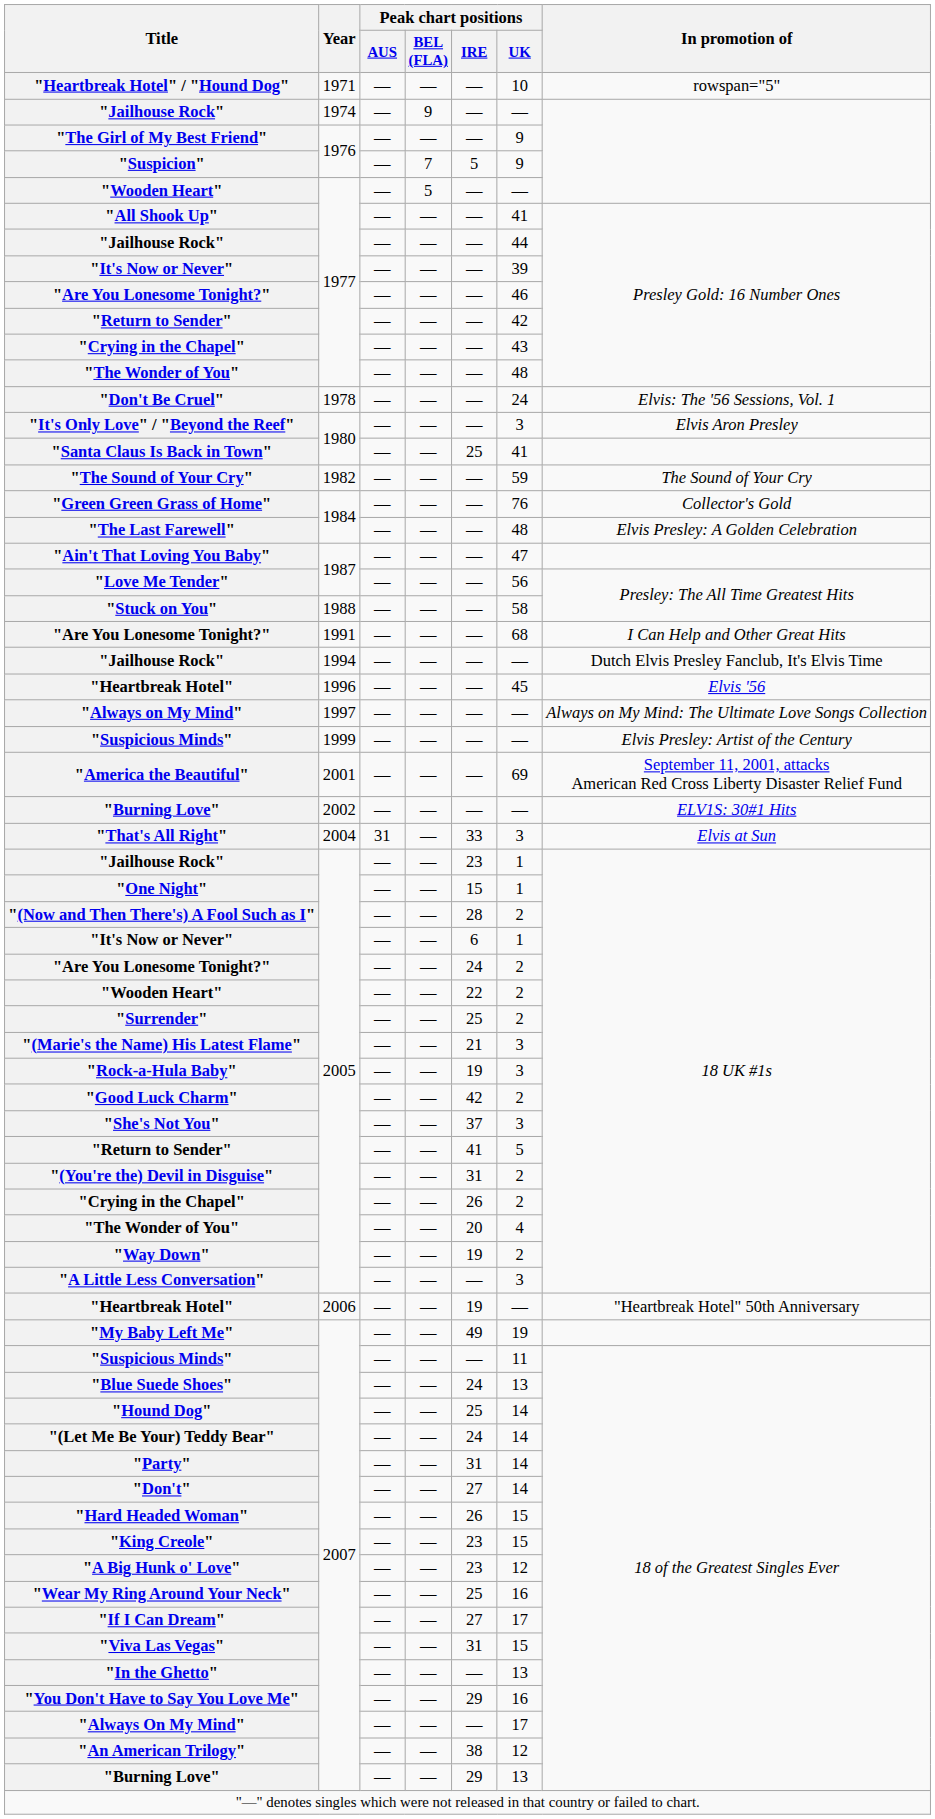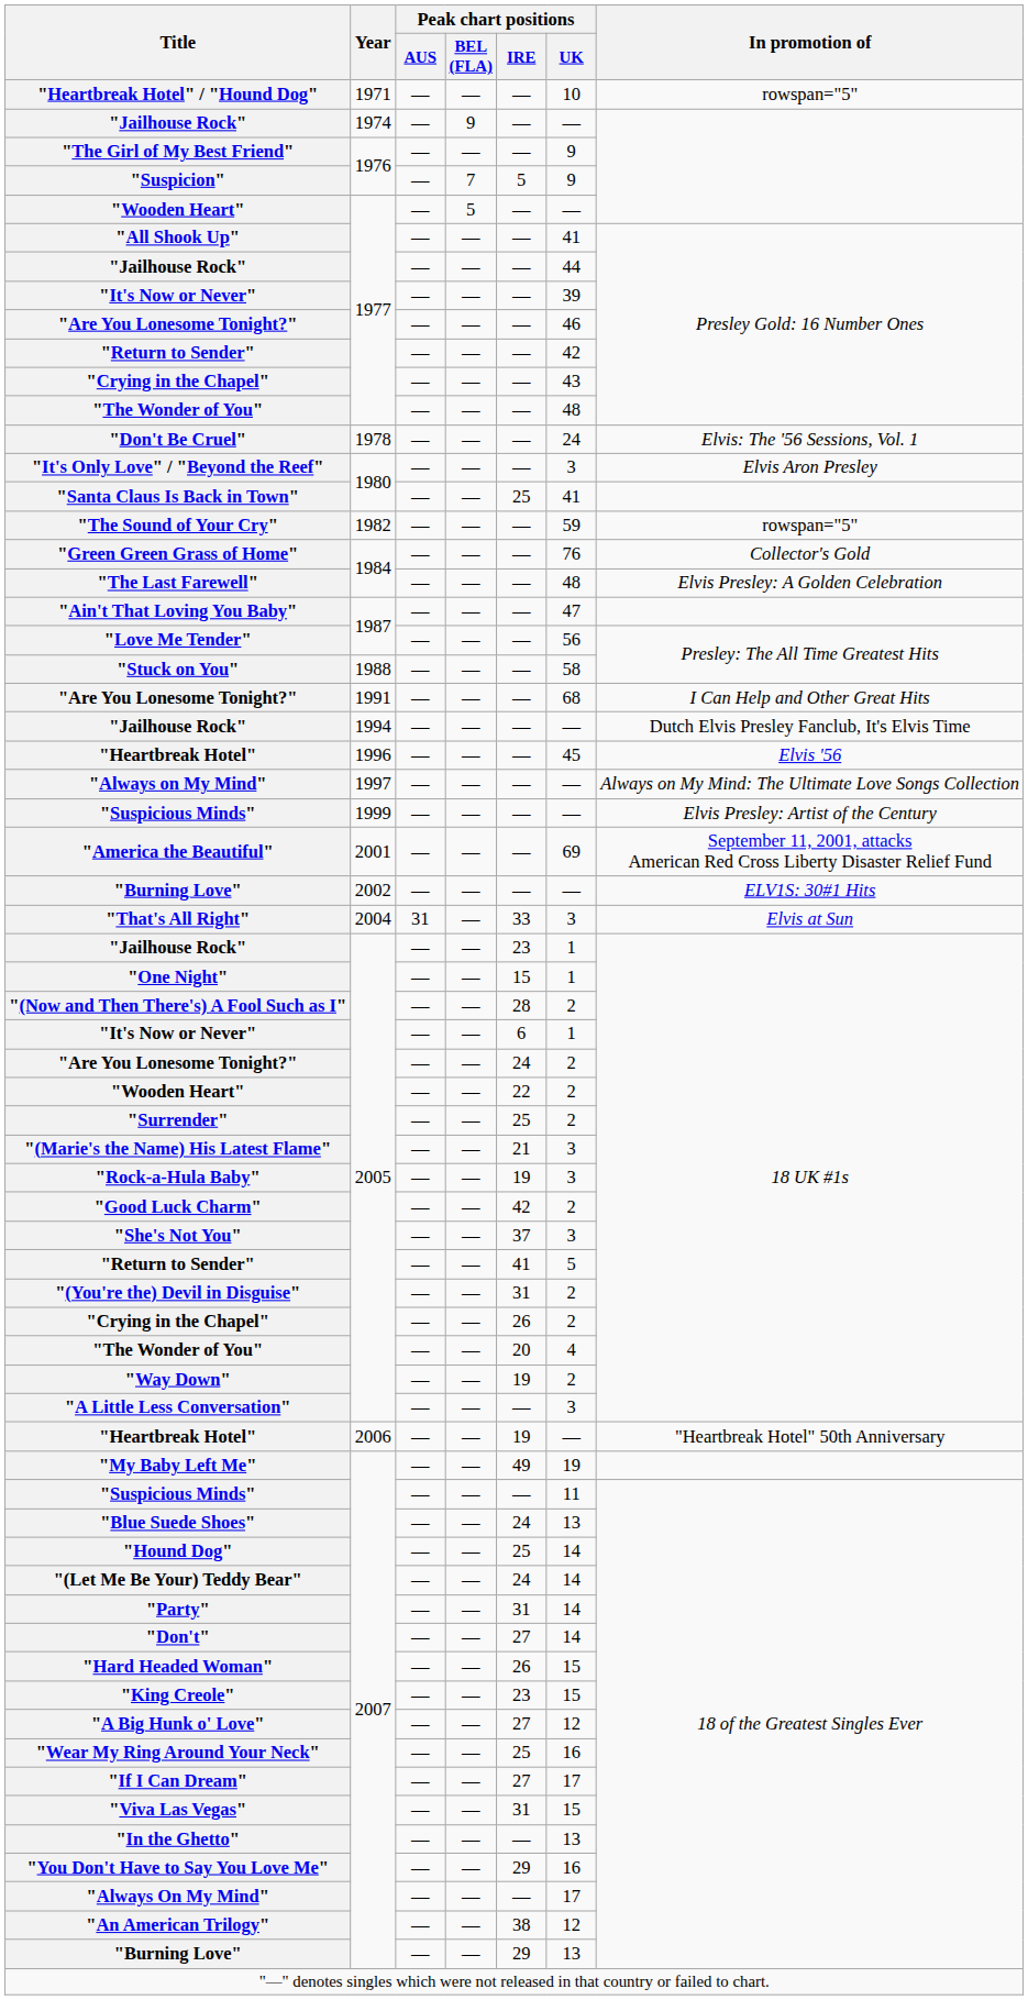 <table class="wikitable plainrowheaders" style="text-align:center;">
 <tr>
 <th rowspan="2">Title</th>
 <th rowspan="2">Year</th>
 <th colspan="4">Peak chart positions</th>
 <th rowspan="2">In promotion of</th>
 </tr>
 <tr>
 <th scope="col" style="width:2.6em;font-size:90%;"><a href='#'>AUS</a><br></th>
 <th scope="col" style="width:2.6em;font-size:90%;"><a href='#'>BEL<br>(FLA)</a><br></th>
 <th scope="col" style="width:2.6em;font-size:90%;"><a href='#'>IRE</a><br></th>
 <th scope="col" style="width:2.6em;font-size:90%;"><a href='#'>UK</a><br></th>
 </tr>
 <tr>
 <th scope="row">"<a href='#'>Heartbreak Hotel</a>" / "<a href='#'>Hound Dog</a>"</th>
 <td>1971</td>
 <td>—</td>
 <td>—</td>
 <td>—</td>
 <td>10</td>
 <td>rowspan="5" </td>
 </tr>
 <tr>
 <th scope="row">"<a href='#'>Jailhouse Rock</a>"</th>
 <td>1974</td>
 <td>—</td>
 <td>9</td>
 <td>—</td>
 <td>—</td>
 </tr>
 <tr>
 <th scope="row">"<a href='#'>The Girl of My Best Friend</a>"</th>
 <td rowspan="2">1976</td>
 <td>—</td>
 <td>—</td>
 <td>—</td>
 <td>9</td>
 </tr>
 <tr>
 <th scope="row">"<a href='#'>Suspicion</a>"</th>
 <td>—</td>
 <td>7</td>
 <td>5</td>
 <td>9</td>
 </tr>
 <tr>
 <th scope="row">"<a href='#'>Wooden Heart</a>"</th>
 <td rowspan="8">1977</td>
 <td>—</td>
 <td>5</td>
 <td>—</td>
 <td>—</td>
 </tr>
 <tr>
 <th scope="row">"<a href='#'>All Shook Up</a>"</th>
 <td>—</td>
 <td>—</td>
 <td>—</td>
 <td>41</td>
 <td rowspan="7"><em>Presley Gold: 16 Number Ones</em></td>
 </tr>
 <tr>
 <th scope="row">"Jailhouse Rock"</th>
 <td>—</td>
 <td>—</td>
 <td>—</td>
 <td>44</td>
 </tr>
 <tr>
 <th scope="row">"<a href='#'>It's Now or Never</a>"</th>
 <td>—</td>
 <td>—</td>
 <td>—</td>
 <td>39</td>
 </tr>
 <tr>
 <th scope="row">"<a href='#'>Are You Lonesome Tonight?</a>"</th>
 <td>—</td>
 <td>—</td>
 <td>—</td>
 <td>46</td>
 </tr>
 <tr>
 <th scope="row">"<a href='#'>Return to Sender</a>"</th>
 <td>—</td>
 <td>—</td>
 <td>—</td>
 <td>42</td>
 </tr>
 <tr>
 <th scope="row">"<a href='#'>Crying in the Chapel</a>"</th>
 <td>—</td>
 <td>—</td>
 <td>—</td>
 <td>43</td>
 </tr>
 <tr>
 <th scope="row">"<a href='#'>The Wonder of You</a>" </th>
 <td>—</td>
 <td>—</td>
 <td>—</td>
 <td>48</td>
 </tr>
 <tr>
 <th scope="row">"<a href='#'>Don't Be Cruel</a>"</th>
 <td>1978</td>
 <td>—</td>
 <td>—</td>
 <td>—</td>
 <td>24</td>
 <td><em>Elvis: The '56 Sessions, Vol. 1</em></td>
 </tr>
 <tr>
 <th scope="row">"<a href='#'>It's Only Love</a>" / "<a href='#'>Beyond the Reef</a>"</th>
 <td rowspan="2">1980</td>
 <td>—</td>
 <td>—</td>
 <td>—</td>
 <td>3</td>
 <td><em>Elvis Aron Presley</em></td>
 </tr>
 <tr>
 <th scope="row">"<a href='#'>Santa Claus Is Back in Town</a>"</th>
 <td>—</td>
 <td>—</td>
 <td>25</td>
 <td>41</td>
 <td></td>
 </tr>
 <tr>
 <th scope="row">"<a href='#'>The Sound of Your Cry</a>"</th>
 <td>1982</td>
 <td>—</td>
 <td>—</td>
 <td>—</td>
 <td>59</td>
-<td><em>The Sound of Your Cry</em></td>
+<td>rowspan="5" </td>
 </tr>
 <tr>
 <th scope="row">"<a href='#'>Green Green Grass of Home</a>"</th>
 <td rowspan="2">1984</td>
 <td>—</td>
 <td>—</td>
 <td>—</td>
 <td>76</td>
 <td><em>Collector's Gold</em></td>
 </tr>
 <tr>
 <th scope="row">"<a href='#'>The Last Farewell</a>"</th>
 <td>—</td>
 <td>—</td>
 <td>—</td>
 <td>48</td>
 <td><em>Elvis Presley: A Golden Celebration</em></td>
 </tr>
 <tr>
 <th scope="row">"<a href='#'>Ain't That Loving You Baby</a>"</th>
 <td rowspan="2">1987</td>
 <td>—</td>
 <td>—</td>
 <td>—</td>
 <td>47</td>
 <td></td>
 </tr>
 <tr>
 <th scope="row">"<a href='#'>Love Me Tender</a>"</th>
 <td>—</td>
 <td>—</td>
 <td>—</td>
 <td>56</td>
 <td rowspan="2"><em>Presley: The All Time Greatest Hits</em></td>
 </tr>
 <tr>
 <th scope="row">"<a href='#'>Stuck on You</a>"</th>
 <td>1988</td>
 <td>—</td>
 <td>—</td>
 <td>—</td>
 <td>58</td>
 </tr>
 <tr>
 <th scope="row">"Are You Lonesome Tonight?" </th>
 <td>1991</td>
 <td>—</td>
 <td>—</td>
 <td>—</td>
 <td>68</td>
 <td><em>I Can Help and Other Great Hits</em></td>
 </tr>
 <tr>
 <th scope="row">"Jailhouse Rock"</th>
 <td>1994</td>
 <td>—</td>
 <td>—</td>
 <td>—</td>
 <td>—</td>
 <td>Dutch Elvis Presley Fanclub, It's Elvis Time</td>
 </tr>
 <tr>
 <th scope="row">"Heartbreak Hotel"</th>
 <td>1996</td>
 <td>—</td>
 <td>—</td>
 <td>—</td>
 <td>45</td>
 <td><em><a href='#'>Elvis '56</a></em></td>
 </tr>
 <tr>
 <th scope="row">"<a href='#'>Always on My Mind</a>"</th>
 <td>1997</td>
 <td>—</td>
 <td>—</td>
 <td>—</td>
 <td>—</td>
 <td><em>Always on My Mind: The Ultimate Love Songs Collection</em></td>
 </tr>
 <tr>
 <th scope="row">"<a href='#'>Suspicious Minds</a>"</th>
 <td>1999</td>
 <td>—</td>
 <td>—</td>
 <td>—</td>
 <td>—</td>
 <td><em>Elvis Presley: Artist of the Century</em></td>
 </tr>
 <tr>
 <th scope="row">"<a href='#'>America the Beautiful</a>"</th>
 <td>2001</td>
 <td>—</td>
 <td>—</td>
 <td>—</td>
 <td>69</td>
 <td><a href='#'>September 11, 2001, attacks</a><br>American Red Cross Liberty Disaster Relief Fund</td>
 </tr>
 <tr>
 <th scope="row">"<a href='#'>Burning Love</a>"</th>
 <td>2002</td>
 <td>—</td>
 <td>—</td>
 <td>—</td>
 <td>—</td>
 <td><em><a href='#'>ELV1S: 30#1 Hits</a></em></td>
 </tr>
 <tr>
 <th scope="row">"<a href='#'>That's All Right</a>"</th>
 <td>2004</td>
 <td>31</td>
 <td>—</td>
 <td>33</td>
 <td>3</td>
 <td><em><a href='#'>Elvis at Sun</a></em></td>
 </tr>
 <tr>
 <th scope="row">"Jailhouse Rock"</th>
 <td rowspan="17">2005</td>
 <td>—</td>
 <td>—</td>
 <td>23</td>
 <td>1</td>
 <td rowspan="17"><em>18 UK #1s</em> </td>
 </tr>
 <tr>
 <th scope="row">"<a href='#'>One Night</a>"</th>
 <td>—</td>
 <td>—</td>
 <td>15</td>
 <td>1</td>
 </tr>
 <tr>
 <th scope="row">"<a href='#'>(Now and Then There's) A Fool Such as I</a>"</th>
 <td>—</td>
 <td>—</td>
 <td>28</td>
 <td>2</td>
 </tr>
 <tr>
 <th scope="row">"It's Now or Never"</th>
 <td>—</td>
 <td>—</td>
 <td>6</td>
 <td>1</td>
 </tr>
 <tr>
 <th scope="row">"Are You Lonesome Tonight?"</th>
 <td>—</td>
 <td>—</td>
 <td>24</td>
 <td>2</td>
 </tr>
 <tr>
 <th scope="row">"Wooden Heart"</th>
 <td>—</td>
 <td>—</td>
 <td>22</td>
 <td>2</td>
 </tr>
 <tr>
 <th scope="row">"<a href='#'>Surrender</a>"</th>
 <td>—</td>
 <td>—</td>
 <td>25</td>
 <td>2</td>
 </tr>
 <tr>
 <th scope="row">"<a href='#'>(Marie's the Name) His Latest Flame</a>"</th>
 <td>—</td>
 <td>—</td>
 <td>21</td>
 <td>3</td>
 </tr>
 <tr>
 <th scope="row">"<a href='#'>Rock-a-Hula Baby</a>"</th>
 <td>—</td>
 <td>—</td>
 <td>19</td>
 <td>3</td>
 </tr>
 <tr>
 <th scope="row">"<a href='#'>Good Luck Charm</a>"</th>
 <td>—</td>
 <td>—</td>
 <td>42</td>
 <td>2</td>
 </tr>
 <tr>
 <th scope="row">"<a href='#'>She's Not You</a>"</th>
 <td>—</td>
 <td>—</td>
 <td>37</td>
 <td>3</td>
 </tr>
 <tr>
 <th scope="row">"Return to Sender"</th>
 <td>—</td>
 <td>—</td>
 <td>41</td>
 <td>5</td>
 </tr>
 <tr>
 <th scope="row">"<a href='#'>(You're the) Devil in Disguise</a>"</th>
 <td>—</td>
 <td>—</td>
 <td>31</td>
 <td>2</td>
 </tr>
 <tr>
 <th scope="row">"Crying in the Chapel"</th>
 <td>—</td>
 <td>—</td>
 <td>26</td>
 <td>2</td>
 </tr>
 <tr>
 <th scope="row">"The Wonder of You" </th>
 <td>—</td>
 <td>—</td>
 <td>20</td>
 <td>4</td>
 </tr>
 <tr>
 <th scope="row">"<a href='#'>Way Down</a>"</th>
 <td>—</td>
 <td>—</td>
 <td>19</td>
 <td>2</td>
 </tr>
 <tr>
 <th scope="row">"<a href='#'>A Little Less Conversation</a>"</th>
 <td>—</td>
 <td>—</td>
 <td>—</td>
 <td>3</td>
 </tr>
 <tr>
 <th scope="row">"Heartbreak Hotel"</th>
 <td>2006</td>
 <td>—</td>
 <td>—</td>
 <td>19</td>
 <td>—</td>
 <td>"Heartbreak Hotel" 50th Anniversary</td>
 </tr>
 <tr>
 <th scope="row">"<a href='#'>My Baby Left Me</a>"</th>
 <td rowspan="18">2007</td>
 <td>—</td>
 <td>—</td>
 <td>49</td>
 <td>19</td>
 <td></td>
 </tr>
 <tr>
 <th scope="row">"<a href='#'>Suspicious Minds</a>"</th>
 <td>—</td>
 <td>—</td>
 <td>—</td>
 <td>11</td>
 <td rowspan="17"><em>18 of the Greatest Singles Ever</em> </td>
 </tr>
 <tr>
 <th scope="row">"<a href='#'>Blue Suede Shoes</a>"</th>
 <td>—</td>
 <td>—</td>
 <td>24</td>
 <td>13</td>
 </tr>
 <tr>
 <th scope="row">"<a href='#'>Hound Dog</a>"</th>
 <td>—</td>
 <td>—</td>
 <td>25</td>
 <td>14</td>
 </tr>
 <tr>
 <th scope="row">"(Let Me Be Your) Teddy Bear"</th>
 <td>—</td>
 <td>—</td>
 <td>24</td>
 <td>14</td>
 </tr>
 <tr>
 <th scope="row">"<a href='#'>Party</a>"</th>
 <td>—</td>
 <td>—</td>
 <td>31</td>
 <td>14</td>
 </tr>
 <tr>
 <th scope="row">"<a href='#'>Don't</a>"</th>
 <td>—</td>
 <td>—</td>
 <td>27</td>
 <td>14</td>
 </tr>
 <tr>
 <th scope="row">"<a href='#'>Hard Headed Woman</a>"</th>
 <td>—</td>
 <td>—</td>
 <td>26</td>
 <td>15</td>
 </tr>
 <tr>
 <th scope="row">"<a href='#'>King Creole</a>"</th>
 <td>—</td>
 <td>—</td>
 <td>23</td>
 <td>15</td>
 </tr>
 <tr>
 <th scope="row">"<a href='#'>A Big Hunk o' Love</a>"</th>
 <td>—</td>
 <td>—</td>
-<td>23</td>
+<td>27</td>
 <td>12</td>
 </tr>
 <tr>
 <th scope="row">"<a href='#'>Wear My Ring Around Your Neck</a>"</th>
 <td>—</td>
 <td>—</td>
 <td>25</td>
 <td>16</td>
 </tr>
 <tr>
 <th scope="row">"<a href='#'>If I Can Dream</a>"</th>
 <td>—</td>
 <td>—</td>
 <td>27</td>
 <td>17</td>
 </tr>
 <tr>
 <th scope="row">"<a href='#'>Viva Las Vegas</a>"</th>
 <td>—</td>
 <td>—</td>
 <td>31</td>
 <td>15</td>
 </tr>
 <tr>
 <th scope="row">"<a href='#'>In the Ghetto</a>"</th>
 <td>—</td>
 <td>—</td>
 <td>—</td>
 <td>13</td>
 </tr>
 <tr>
 <th scope="row">"<a href='#'>You Don't Have to Say You Love Me</a>"</th>
 <td>—</td>
 <td>—</td>
 <td>29</td>
 <td>16</td>
 </tr>
 <tr>
 <th scope="row">"<a href='#'>Always On My Mind</a>"</th>
 <td>—</td>
 <td>—</td>
 <td>—</td>
 <td>17</td>
 </tr>
 <tr>
 <th scope="row">"<a href='#'>An American Trilogy</a>" </th>
 <td>—</td>
 <td>—</td>
 <td>38</td>
 <td>12</td>
 </tr>
 <tr>
 <th scope="row">"Burning Love"</th>
 <td>—</td>
 <td>—</td>
 <td>29</td>
 <td>13</td>
 </tr>
 <tr>
 <td colspan="8" style="font-size:90%">"—" denotes singles which were not released in that country or failed to chart.</td>
 </tr>
 </table>
